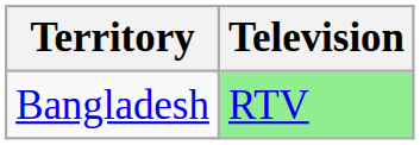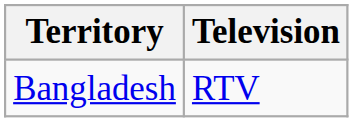 <table class="wikitable">
 <tr>
 <th>Territory</th>
 <th>Television</th>
 </tr>
 <tr>
 <td><a href='#'>Bangladesh</a></td>
-<td style="background: lightgreen;"><a href='#'>RTV</a></td>
+<td><a href='#'>RTV</a></td>
 </tr>
 </table>
